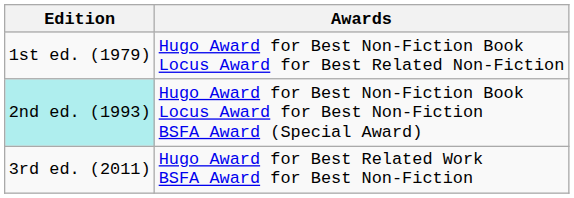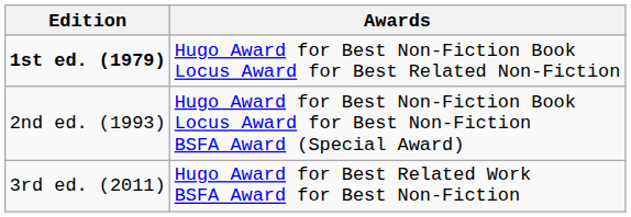 <table class="wikitable plainrowheaders">
 <tr>
 <th>Edition</th>
 <th>Awards</th>
 </tr>
 <tr>
-<td>1st ed. (1979)</td>
+<td><strong>1st ed. (1979)</strong></td>
 <td><a href='#'>Hugo Award</a> for Best Non-Fiction Book <br> <a href='#'>Locus Award</a> for Best Related Non-Fiction</td>
 </tr>
 <tr>
-<td style="background: paleturquoise;">2nd ed. (1993)</td>
+<td>2nd ed. (1993)</td>
 <td><a href='#'>Hugo Award</a> for Best Non-Fiction Book <br> <a href='#'>Locus Award</a> for Best Non-Fiction <br> <a href='#'>BSFA Award</a> (Special Award)</td>
 </tr>
 <tr>
 <td>3rd ed. (2011)</td>
 <td><a href='#'>Hugo Award</a> for Best Related Work <br> <a href='#'>BSFA Award</a> for Best Non-Fiction</td>
 </tr>
 </table>
